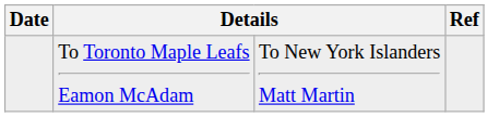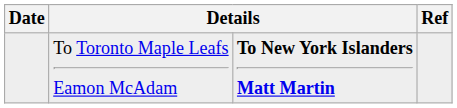 <table class="wikitable">
 <tr>
 <th>Date</th>
 <th colspan="2">Details</th>
 <th>Ref</th>
 </tr>
 <tr style="background:#eee;">
 <td></td>
 <td valign="top">To <a href='#'>Toronto Maple Leafs</a><hr><a href='#'>Eamon McAdam</a></td>
-<td valign="top">To New York Islanders<hr><a href='#'>Matt Martin</a></td>
+<td valign="top"><strong>To New York Islanders<hr><a href='#'>Matt Martin</a></strong></td>
 <td></td>
 </tr>
 </table>
